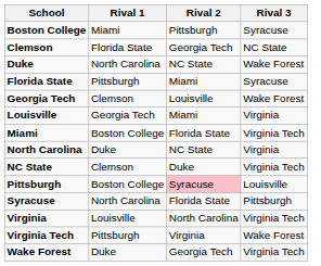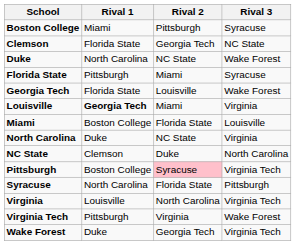 <table class="wikitable">
 <tr>
 <th scope="col">School</th>
 <th scope="col">Rival 1</th>
 <th scope="col">Rival 2</th>
 <th scope="col">Rival 3</th>
 </tr>
 <tr>
 <td><strong>Boston College</strong></td>
 <td>Miami</td>
 <td>Pittsburgh</td>
 <td>Syracuse</td>
 </tr>
 <tr>
 <td><strong>Clemson</strong></td>
 <td>Florida State</td>
 <td>Georgia Tech</td>
 <td>NC State</td>
 </tr>
 <tr>
 <td><strong>Duke</strong></td>
 <td>North Carolina</td>
 <td>NC State</td>
 <td>Wake Forest</td>
 </tr>
 <tr>
 <td><strong>Florida State</strong></td>
 <td>Pittsburgh</td>
 <td>Miami</td>
 <td>Syracuse</td>
 </tr>
 <tr>
 <td><strong>Georgia Tech</strong></td>
-<td>Clemson</td>
+<td>Florida State</td>
 <td>Louisville</td>
 <td>Wake Forest</td>
 </tr>
 <tr>
 <td><strong>Louisville</strong></td>
-<td>Georgia Tech</td>
+<td><strong>Georgia Tech</strong></td>
 <td>Miami</td>
 <td>Virginia</td>
 </tr>
 <tr>
 <td><strong>Miami</strong></td>
 <td>Boston College</td>
 <td>Florida State</td>
-<td>Virginia Tech</td>
+<td>Louisville</td>
 </tr>
 <tr>
 <td><strong>North Carolina</strong></td>
 <td>Duke</td>
 <td>NC State</td>
 <td>Virginia</td>
 </tr>
 <tr>
 <td><strong>NC State</strong></td>
 <td>Clemson</td>
 <td>Duke</td>
-<td>Virginia Tech</td>
+<td>North Carolina</td>
 </tr>
 <tr>
 <td><strong>Pittsburgh</strong></td>
 <td>Boston College</td>
 <td style="background: pink;">Syracuse</td>
-<td>Louisville</td>
+<td>Virginia Tech</td>
 </tr>
 <tr>
 <td><strong>Syracuse</strong></td>
 <td>North Carolina</td>
 <td>Florida State</td>
 <td>Pittsburgh</td>
 </tr>
 <tr>
 <td><strong>Virginia</strong></td>
 <td>Louisville</td>
 <td>North Carolina</td>
 <td>Virginia Tech</td>
 </tr>
 <tr>
 <td><strong>Virginia Tech</strong></td>
 <td>Pittsburgh</td>
 <td>Virginia</td>
 <td>Wake Forest</td>
 </tr>
 <tr>
 <td><strong>Wake Forest</strong></td>
 <td>Duke</td>
 <td>Georgia Tech</td>
 <td>Virginia Tech</td>
 </tr>
 </table>
